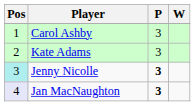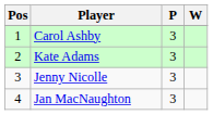 <table class="wikitable">
 <tr>
 <th width=20>Pos</th>
 <th width=150>Player</th>
 <th width=20>P</th>
 <th width=20>W</th>
 </tr>
 <tr>
 </tr>
 <tr align=center style="background: #ccffcc;">
 <td>1</td>
 <td align="left"> <a href='#'>Carol Ashby</a></td>
 <td>3</td>
 <td></td>
 </tr>
 <tr align=center style="background: #ccffcc;">
 <td>2</td>
 <td align="left"> <a href='#'>Kate Adams</a></td>
 <td>3</td>
 <td></td>
 </tr>
 <tr align=center>
-<td style="background: paleturquoise;">3</td>
+<td>3</td>
 <td align="left"> <a href='#'>Jenny Nicolle</a></td>
-<td><strong>3</strong></td>
+<td>3</td>
 <td></td>
 </tr>
 <tr align=center>
-<td style="background: lavender;">4</td>
+<td>4</td>
 <td align="left"> <a href='#'>Jan MacNaughton</a></td>
-<td><strong>3</strong></td>
+<td>3</td>
 <td></td>
 </tr>
 </table>
